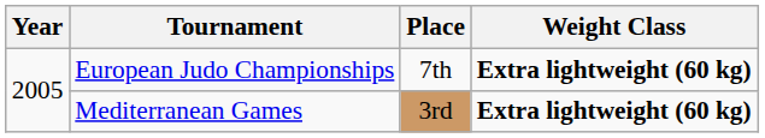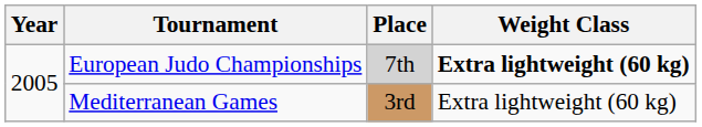 <table class="wikitable" style="border-collapse: collapse; font-size: 90%;">
 <tr>
 <th>Year</th>
 <th>Tournament</th>
 <th>Place</th>
 <th>Weight Class</th>
 </tr>
 <tr>
 <td rowspan=2>2005</td>
 <td><a href='#'>European Judo Championships</a></td>
-<td align="center">7th</td>
+<td align="center" style="background: lightgrey;">7th</td>
 <td><strong>Extra lightweight (60 kg)</strong></td>
 </tr>
 <tr>
 <td><a href='#'>Mediterranean Games</a></td>
 <td bgcolor="cc9966" align="center">3rd</td>
-<td><strong>Extra lightweight (60 kg)</strong></td>
+<td>Extra lightweight (60 kg)</td>
 </tr>
 </table>
